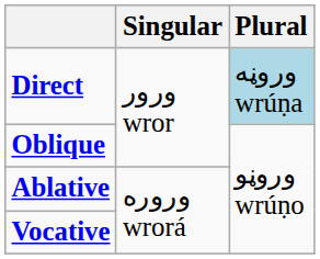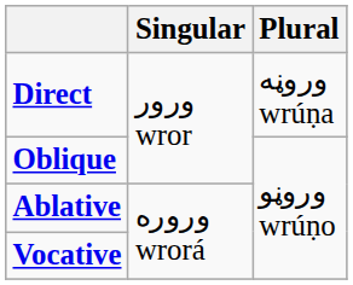 <table class="wikitable">
 <tr>
 <th></th>
 <th>Singular</th>
 <th>Plural</th>
 </tr>
 <tr>
 <td><strong><a href='#'>Direct</a></strong></td>
 <td rowspan="2">ورور<br>wror</td>
-<td style="background: lightblue;">وروڼه<br>wrúṇa</td>
+<td>وروڼه<br>wrúṇa</td>
 </tr>
 <tr>
 <td><strong><a href='#'>Oblique</a></strong></td>
 <td rowspan="3">وروڼو<br>wrúṇo</td>
 </tr>
 <tr>
 <td><strong><a href='#'>Ablative</a></strong></td>
 <td rowspan="2">وروره<br>wrorá</td>
 </tr>
 <tr>
 <td><strong><a href='#'>Vocative</a></strong></td>
 </tr>
 </table>
